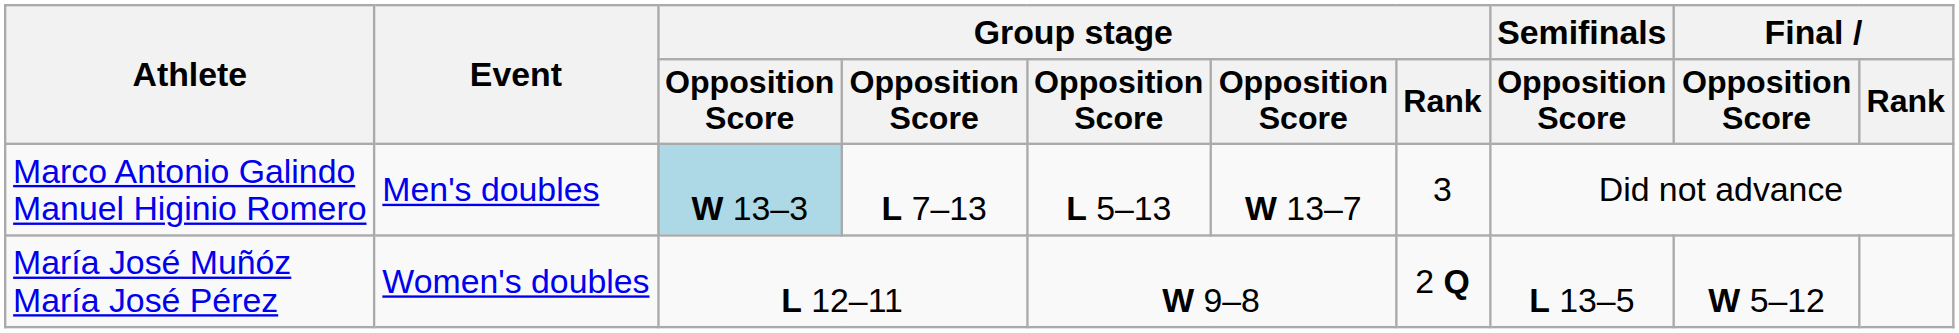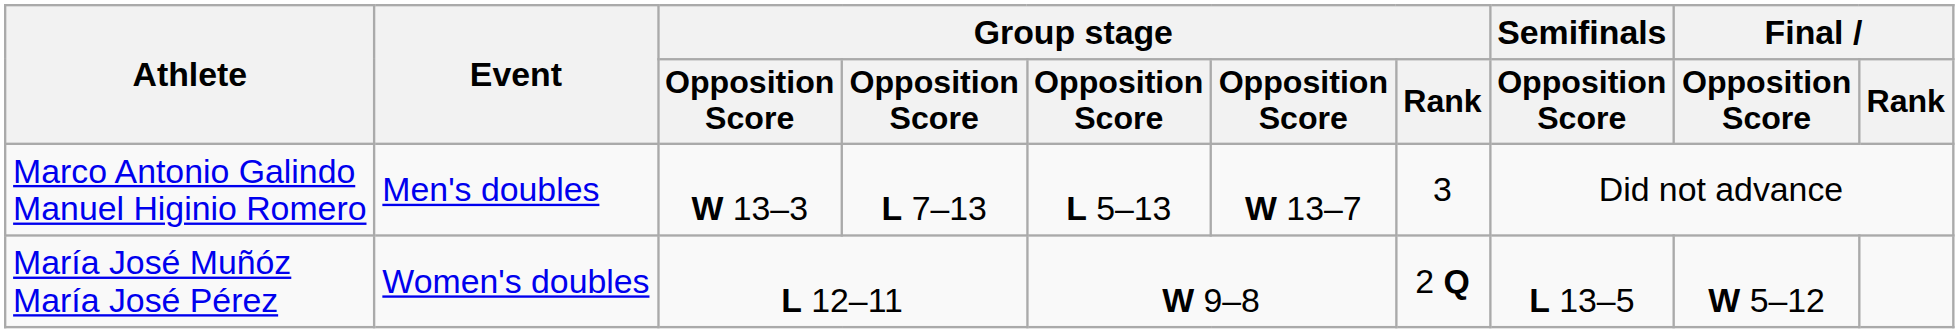 <table class="wikitable" style="font-size:90%">
 <tr>
 <th rowspan="2">Athlete</th>
 <th rowspan="2">Event</th>
 <th colspan="5">Group stage</th>
 <th>Semifinals</th>
 <th colspan="2">Final / </th>
 </tr>
 <tr style="font-size:95%">
 <th>Opposition<br>Score</th>
 <th>Opposition<br>Score</th>
 <th>Opposition<br>Score</th>
 <th>Opposition<br>Score</th>
 <th>Rank</th>
 <th>Opposition<br>Score</th>
 <th>Opposition<br>Score</th>
 <th>Rank</th>
 </tr>
 <tr align="center">
 <td align="left"><a href='#'>Marco Antonio Galindo</a><br><a href='#'>Manuel Higinio Romero</a></td>
 <td align="left"><a href='#'>Men's doubles</a></td>
-<td style="background: lightblue;"><br><strong>W</strong> 13–3</td>
+<td><br><strong>W</strong> 13–3</td>
 <td><br><strong>L</strong> 7–13</td>
 <td><br><strong>L</strong> 5–13</td>
 <td><br><strong>W</strong> 13–7</td>
 <td>3</td>
 <td colspan="3">Did not advance</td>
 </tr>
 <tr align="center">
 <td align="left"><a href='#'>María José Muñóz</a><br><a href='#'>María José Pérez</a></td>
 <td align="left"><a href='#'>Women's doubles</a></td>
 <td colspan=2><br><strong>L</strong> 12–11</td>
 <td colspan=2><br><strong>W</strong> 9–8</td>
 <td>2 <strong>Q</strong></td>
 <td><br><strong>L</strong> 13–5</td>
 <td><br><strong>W</strong> 5–12</td>
 <td></td>
 </tr>
 </table>
